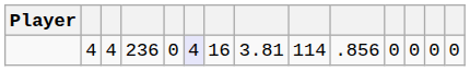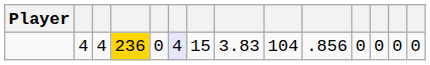 <table class="wikitable sortable" style="text-align:center;">
 <tr>
 <th>Player</th>
 <th></th>
 <th></th>
 <th></th>
 <th></th>
 <th></th>
 <th></th>
 <th></th>
 <th></th>
 <th></th>
 <th></th>
 <th></th>
 <th></th>
 <th></th>
 </tr>
 <tr>
 <td></td>
 <td>4</td>
 <td>4</td>
-<td>236</td>
+<td style="background: gold;">236</td>
 <td>0</td>
 <td style="background: lavender;">4</td>
-<td>16</td>
-<td>3.81</td>
-<td>114</td>
+<td>15</td>
+<td>3.83</td>
+<td>104</td>
 <td>.856</td>
 <td>0</td>
 <td>0</td>
 <td>0</td>
 <td>0</td>
 </tr>
 </table>
